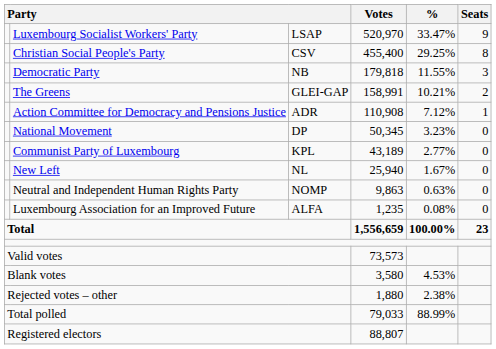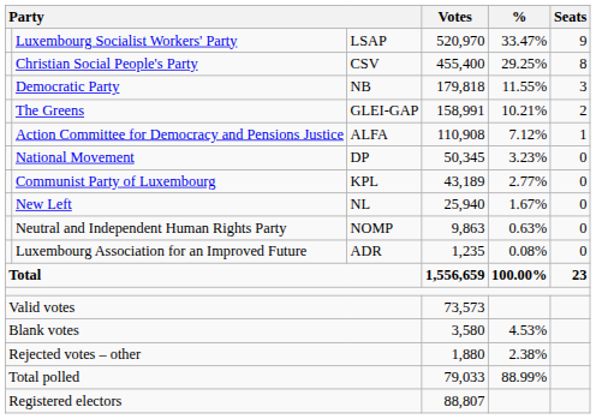 <table class="wikitable" border="1" style="text-align:right;">
 <tr>
 <th style="text-align:left;" valign=bottom colspan=3>Party</th>
 <th align=center valign=bottom width="50">Votes</th>
 <th align=center valign=bottom width="50">%</th>
 <th align=center>Seats</th>
 </tr>
 <tr>
 <td></td>
 <td align=left><a href='#'>Luxembourg Socialist Workers' Party</a></td>
 <td align=left>LSAP</td>
 <td>520,970</td>
 <td>33.47%</td>
 <td>9</td>
 </tr>
 <tr>
 <td></td>
 <td align=left><a href='#'>Christian Social People's Party</a></td>
 <td align=left>CSV</td>
 <td>455,400</td>
 <td>29.25%</td>
 <td>8</td>
 </tr>
 <tr>
 <td></td>
 <td align=left><a href='#'>Democratic Party</a></td>
 <td align=left>NB</td>
 <td>179,818</td>
 <td>11.55%</td>
 <td>3</td>
 </tr>
 <tr>
 <td></td>
 <td align=left><a href='#'>The Greens</a></td>
 <td align=left>GLEI-GAP</td>
 <td>158,991</td>
 <td>10.21%</td>
 <td>2</td>
 </tr>
 <tr>
 <td></td>
 <td align=left><a href='#'>Action Committee for Democracy and Pensions Justice</a></td>
-<td align=left>ADR</td>
+<td align=left>ALFA</td>
 <td>110,908</td>
 <td>7.12%</td>
 <td>1</td>
 </tr>
 <tr>
 <td></td>
 <td align=left><a href='#'>National Movement</a></td>
 <td align=left>DP</td>
 <td>50,345</td>
 <td>3.23%</td>
 <td>0</td>
 </tr>
 <tr>
 <td></td>
 <td align=left><a href='#'>Communist Party of Luxembourg</a></td>
 <td align=left>KPL</td>
 <td>43,189</td>
 <td>2.77%</td>
 <td>0</td>
 </tr>
 <tr>
 <td></td>
 <td align=left><a href='#'>New Left</a></td>
 <td align=left>NL</td>
 <td>25,940</td>
 <td>1.67%</td>
 <td>0</td>
 </tr>
 <tr>
 <td></td>
 <td align=left>Neutral and Independent Human Rights Party</td>
 <td align=left>NOMP</td>
 <td>9,863</td>
 <td>0.63%</td>
 <td>0</td>
 </tr>
 <tr>
 <td></td>
 <td align=left>Luxembourg Association for an Improved Future</td>
-<td align=left>ALFA</td>
+<td align=left>ADR</td>
 <td>1,235</td>
 <td>0.08%</td>
 <td>0</td>
 </tr>
 <tr style="font-weight:bold">
 <td align=left colspan=3>Total</td>
 <td>1,556,659</td>
 <td>100.00%</td>
 <td>23</td>
 </tr>
 <tr>
 <td colspan=6 height="2"></td>
 </tr>
 <tr>
 <td align=left colspan=3>Valid votes</td>
 <td>73,573</td>
 <td></td>
 <td></td>
 </tr>
 <tr>
 <td align=left colspan=3>Blank votes</td>
 <td>3,580</td>
 <td>4.53%</td>
 <td></td>
 </tr>
 <tr>
 <td align=left colspan=3>Rejected votes – other</td>
 <td>1,880</td>
 <td>2.38%</td>
 <td></td>
 </tr>
 <tr>
 <td align=left colspan=3>Total polled</td>
 <td>79,033</td>
 <td>88.99%</td>
 <td></td>
 </tr>
 <tr>
 <td align=left colspan=3>Registered electors</td>
 <td>88,807</td>
 <td></td>
 <td></td>
 </tr>
 </table>
